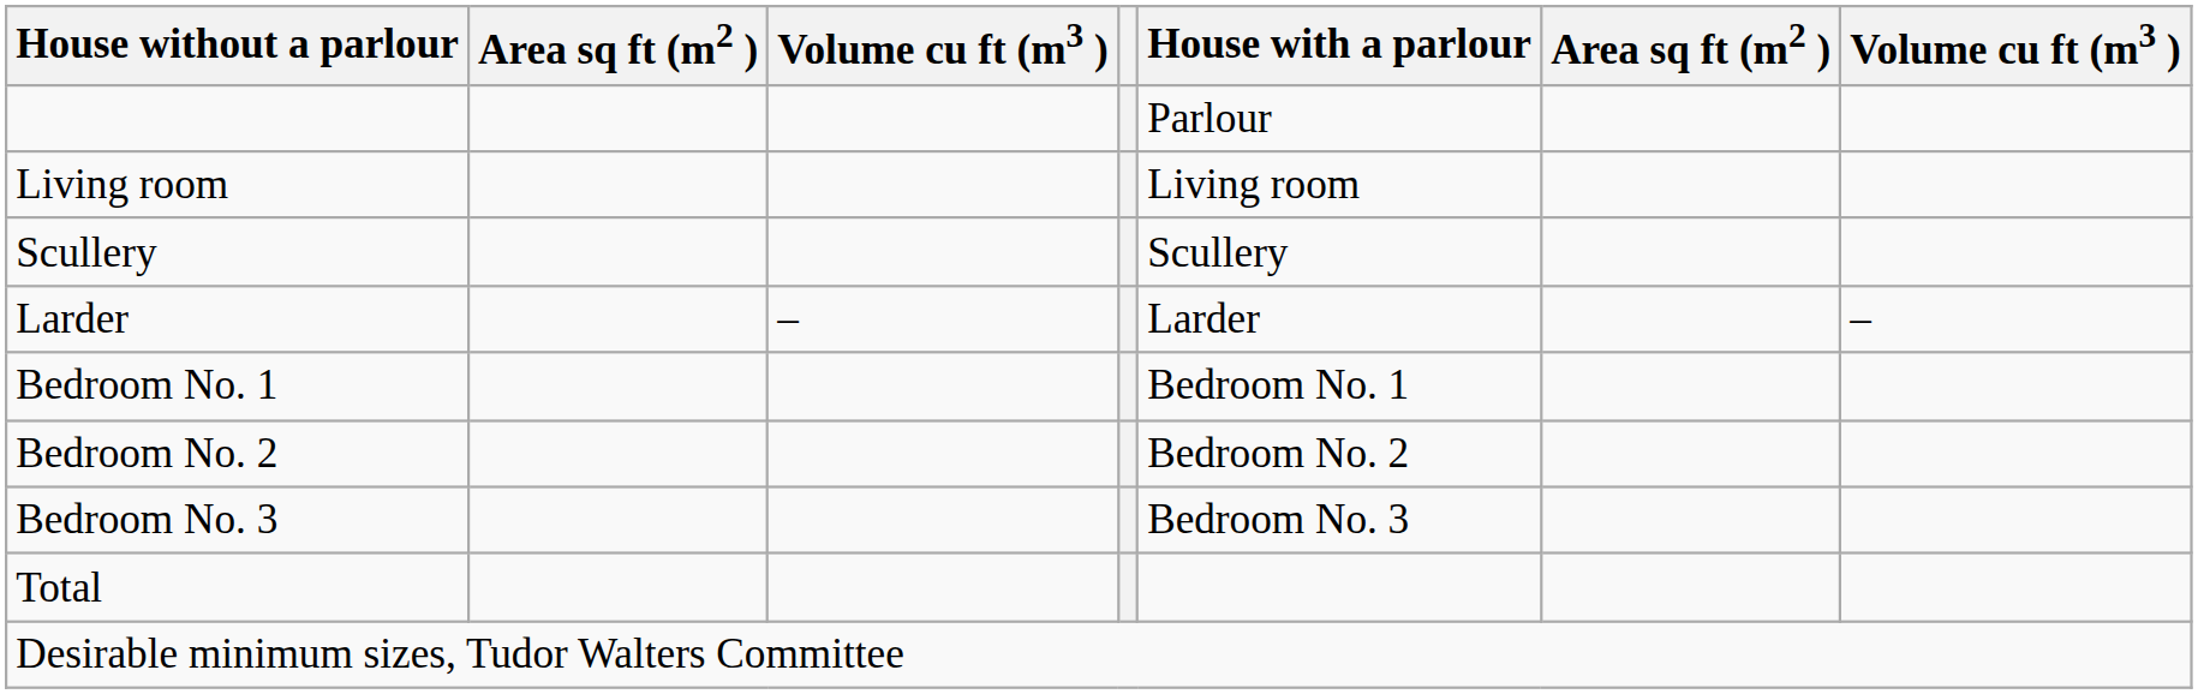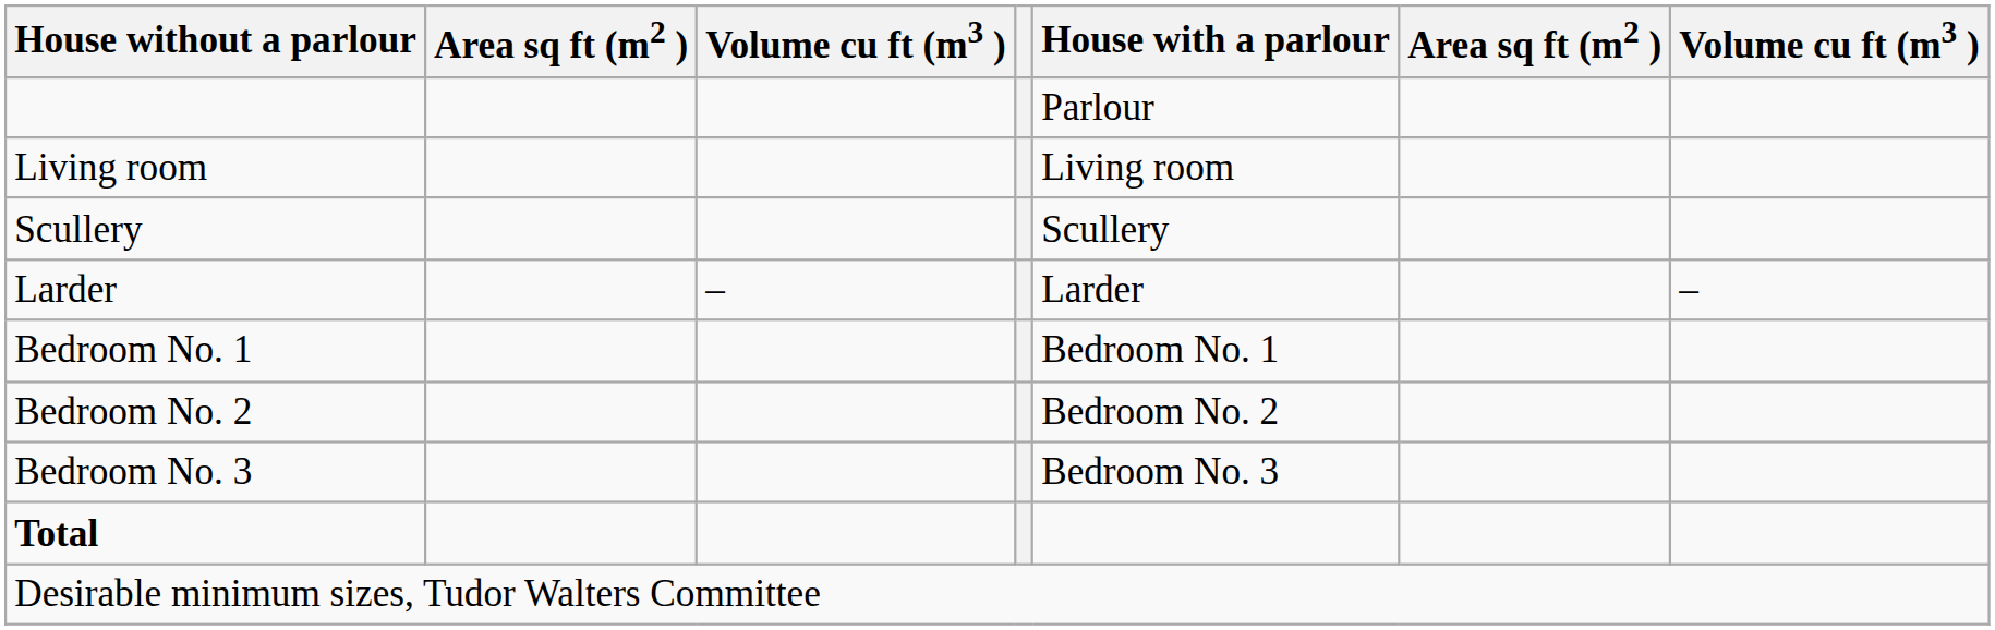 <table class="wikitable"  >
 <tr>
 <th>House without a parlour</th>
 <th>Area sq ft (m<sup>2</sup> )</th>
 <th>Volume cu ft (m<sup>3</sup> )</th>
 <th></th>
 <th>House with a parlour</th>
 <th>Area sq ft (m<sup>2</sup> )</th>
 <th>Volume cu ft (m<sup>3</sup> )</th>
 </tr>
 <tr>
 <td></td>
 <td></td>
 <td></td>
 <th></th>
 <td>Parlour</td>
 <td></td>
 <td></td>
 </tr>
 <tr>
 <td>Living room</td>
 <td></td>
 <td></td>
 <th></th>
 <td>Living room</td>
 <td></td>
 <td></td>
 </tr>
 <tr>
 <td>Scullery</td>
 <td></td>
 <td></td>
 <th></th>
 <td>Scullery</td>
 <td></td>
 <td></td>
 </tr>
 <tr>
 <td>Larder</td>
 <td></td>
 <td>–</td>
 <th></th>
 <td>Larder</td>
 <td></td>
 <td>–</td>
 </tr>
 <tr>
 <td>Bedroom No. 1</td>
 <td></td>
 <td></td>
 <th></th>
 <td>Bedroom No. 1</td>
 <td></td>
 <td></td>
 </tr>
 <tr>
 <td>Bedroom No. 2</td>
 <td></td>
 <td></td>
 <th></th>
 <td>Bedroom No. 2</td>
 <td></td>
 <td></td>
 </tr>
 <tr>
 <td>Bedroom No. 3</td>
 <td></td>
 <td></td>
 <th></th>
 <td>Bedroom No. 3</td>
 <td></td>
 <td></td>
 </tr>
 <tr>
-<td>Total</td>
+<td><strong>Total</strong></td>
 <td></td>
 <td></td>
 <th></th>
 <td></td>
 <td></td>
 <td></td>
 </tr>
 <tr>
 <td colspan="7">Desirable minimum sizes, Tudor Walters Committee</td>
 </tr>
 </table>
